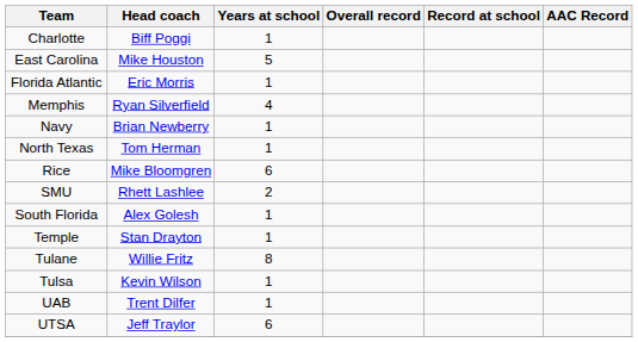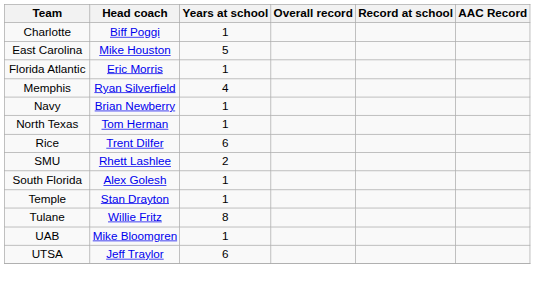 <table class="wikitable sortable" style="text-align: center;">
 <tr>
 <th width="110">Team</th>
 <th>Head coach</th>
 <th>Years at school</th>
 <th>Overall record</th>
 <th>Record at school</th>
 <th>AAC Record</th>
 </tr>
 <tr>
 <td style=>Charlotte</td>
 <td><a href='#'>Biff Poggi</a></td>
 <td>1</td>
 <td data-sort-value=></td>
 <td data-sort-value=></td>
 <td data-sort-value=></td>
 </tr>
 <tr>
 <td>East Carolina</td>
 <td><a href='#'>Mike Houston</a></td>
 <td>5</td>
 <td data-sort-value=></td>
 <td data-sort-value=></td>
 <td data-sort-value=></td>
 </tr>
 <tr>
 <td style=>Florida Atlantic</td>
 <td><a href='#'>Eric Morris</a></td>
 <td>1</td>
 <td data-sort-value=></td>
 <td data-sort-value=></td>
 <td data-sort-value=></td>
 </tr>
 <tr>
 <td>Memphis</td>
 <td><a href='#'>Ryan Silverfield</a></td>
 <td>4</td>
 <td data-sort-value=></td>
 <td data-sort-value=></td>
 <td data-sort-value=></td>
 </tr>
 <tr>
 <td>Navy</td>
 <td><a href='#'>Brian Newberry</a></td>
 <td>1</td>
 <td data-sort-value=></td>
 <td data-sort-value=></td>
 <td data-sort-value=></td>
 </tr>
 <tr>
 <td style=>North Texas</td>
 <td><a href='#'>Tom Herman</a></td>
 <td>1</td>
 <td data-sort-value=></td>
 <td data-sort-value=></td>
 <td data-sort-value=></td>
 </tr>
 <tr>
 <td style=>Rice</td>
-<td><a href='#'>Mike Bloomgren</a></td>
+<td><a href='#'>Trent Dilfer</a></td>
 <td>6</td>
 <td data-sort-value=></td>
 <td data-sort-value=></td>
 <td data-sort-value=></td>
 </tr>
 <tr>
 <td>SMU</td>
 <td><a href='#'>Rhett Lashlee</a></td>
 <td>2</td>
 <td data-sort-value=></td>
 <td data-sort-value=></td>
 <td data-sort-value=></td>
 </tr>
 <tr>
 <td>South Florida</td>
 <td><a href='#'>Alex Golesh</a></td>
 <td>1</td>
 <td data-sort-value=></td>
 <td data-sort-value=></td>
 <td data-sort-value=></td>
 </tr>
 <tr>
 <td>Temple</td>
 <td><a href='#'>Stan Drayton</a></td>
 <td>1</td>
 <td data-sort-value=></td>
 <td data-sort-value=></td>
 <td data-sort-value=></td>
 </tr>
 <tr>
 <td>Tulane</td>
 <td><a href='#'>Willie Fritz</a></td>
 <td>8</td>
 <td data-sort-value=></td>
 <td data-sort-value=></td>
 <td data-sort-value=></td>
 </tr>
 <tr>
-<td>Tulsa</td>
-<td><a href='#'>Kevin Wilson</a></td>
-<td>1</td>
-<td data-sort-value=></td>
-<td data-sort-value=></td>
-<td data-sort-value=></td>
-</tr>
-<tr>
 <td style=>UAB</td>
-<td><a href='#'>Trent Dilfer</a></td>
+<td><a href='#'>Mike Bloomgren</a></td>
 <td>1</td>
 <td data-sort-value=></td>
 <td data-sort-value=></td>
 <td data-sort-value=></td>
 </tr>
 <tr>
 <td style=>UTSA</td>
 <td><a href='#'>Jeff Traylor</a></td>
 <td>6</td>
 <td data-sort-value=></td>
 <td data-sort-value=></td>
 <td data-sort-value=></td>
 </tr>
 <tr>
 </tr>
 </table>
